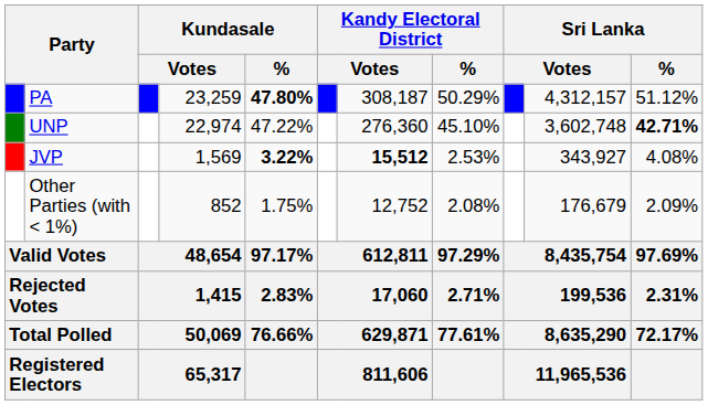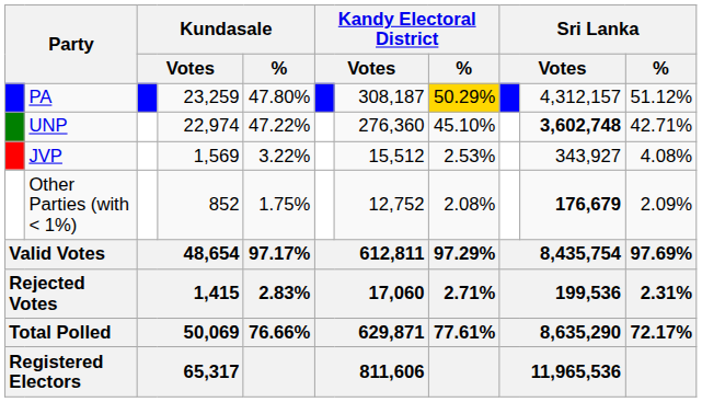 <table class="wikitable">
 <tr>
 <th colspan="2" width="144px"rowspan="2">Party</th>
 <th colspan="3" width="216px">Kundasale</th>
 <th colspan="3" width="216px"><a href='#'>Kandy Electoral District</a></th>
 <th colspan="3" width="216px">Sri Lanka</th>
 </tr>
 <tr>
 <th colspan="2" width="144px">Votes</th>
 <th>%</th>
 <th colspan="2" width="144px">Votes</th>
 <th>%</th>
 <th colspan="2" width="144px">Votes</th>
 <th>%</th>
 </tr>
 <tr>
 <td style="background-color:blue;" width="10px"></td>
 <td style="text-align:left;"><a href='#'>PA</a></td>
 <td style="background-color:blue;" width="10px"></td>
 <td style="text-align:right;">23,259</td>
-<td style="text-align:right;"><strong>47.80%</strong></td>
+<td style="text-align:right;">47.80%</td>
 <td style="background-color:blue;" width="10px"></td>
 <td style="text-align:right;">308,187</td>
-<td style="text-align:right;">50.29%</td>
+<td style="background: gold; text-align:right;">50.29%</td>
 <td style="background-color:blue;" width="10px"></td>
 <td style="text-align:right;">4,312,157</td>
 <td style="text-align:right;">51.12%</td>
 </tr>
 <tr>
 <td style="background-color:green;" width="10px"></td>
 <td style="text-align:left;"><a href='#'>UNP</a></td>
 <td style="background-color:white;" width="10px"></td>
 <td style="text-align:right;">22,974</td>
 <td style="text-align:right;">47.22%</td>
 <td style="background-color:white;" width="10px"></td>
 <td style="text-align:right;">276,360</td>
 <td style="text-align:right;">45.10%</td>
 <td style="background-color:white;" width="10px"></td>
-<td style="text-align:right;">3,602,748</td>
-<td style="text-align:right;"><strong>42.71%</strong></td>
+<td style="text-align:right;"><strong>3,602,748</strong></td>
+<td style="text-align:right;">42.71%</td>
 </tr>
 <tr>
 <td style="background-color:red;" width="10px"></td>
 <td style="text-align:left;"><a href='#'>JVP</a></td>
 <td style="background-color:white;" width="10px"></td>
 <td style="text-align:right;">1,569</td>
-<td style="text-align:right;"><strong>3.22%</strong></td>
+<td style="text-align:right;">3.22%</td>
 <td style="background-color:white;" width="10px"></td>
-<td style="text-align:right;"><strong>15,512</strong></td>
+<td style="text-align:right;">15,512</td>
 <td style="text-align:right;">2.53%</td>
 <td style="background-color:white;" width="10px"></td>
 <td style="text-align:right;">343,927</td>
 <td style="text-align:right;">4.08%</td>
 </tr>
 <tr>
 <td style="background-color:white;" width="10px"></td>
 <td style="text-align:left;">Other Parties (with < 1%)</td>
 <td style="background-color:white;" width="10px"></td>
 <td style="text-align:right;">852</td>
 <td style="text-align:right;">1.75%</td>
 <td style="background-color:white;" width="10px"></td>
 <td style="text-align:right;">12,752</td>
 <td style="text-align:right;">2.08%</td>
 <td style="background-color:white;" width="10px"></td>
-<td style="text-align:right;">176,679</td>
+<td style="text-align:right;"><strong>176,679</strong></td>
 <td style="text-align:right;">2.09%</td>
 </tr>
 <tr>
 <th colspan="2" width="144px"style="text-align:left;">Valid Votes</th>
 <th style="text-align:right;"colspan="2" width="144px">48,654</th>
 <th style="text-align:right;">97.17%</th>
 <th style="text-align:right;"colspan="2" width="144px">612,811</th>
 <th style="text-align:right;">97.29%</th>
 <th style="text-align:right;"colspan="2" width="144px">8,435,754</th>
 <th style="text-align:right;">97.69%</th>
 </tr>
 <tr>
 <th colspan="2" width="144px"style="text-align:left;">Rejected Votes</th>
 <th style="text-align:right;"colspan="2" width="144px">1,415</th>
 <th style="text-align:right;">2.83%</th>
 <th style="text-align:right;"colspan="2" width="144px">17,060</th>
 <th style="text-align:right;">2.71%</th>
 <th style="text-align:right;"colspan="2" width="144px">199,536</th>
 <th style="text-align:right;">2.31%</th>
 </tr>
 <tr>
 <th colspan="2" width="144px"style="text-align:left;">Total Polled</th>
 <th style="text-align:right;"colspan="2" width="144px">50,069</th>
 <th style="text-align:right;">76.66%</th>
 <th style="text-align:right;"colspan="2" width="144px">629,871</th>
 <th style="text-align:right;">77.61%</th>
 <th style="text-align:right;"colspan="2" width="144px">8,635,290</th>
 <th style="text-align:right;">72.17%</th>
 </tr>
 <tr>
 <th colspan="2" width="144px"style="text-align:left;">Registered Electors</th>
 <th style="text-align:right;"colspan="2" width="144px">65,317</th>
 <th></th>
 <th style="text-align:right;"colspan="2" width="144px">811,606</th>
 <th></th>
 <th style="text-align:right;"colspan="2" width="144px">11,965,536</th>
 <th></th>
 </tr>
 </table>
